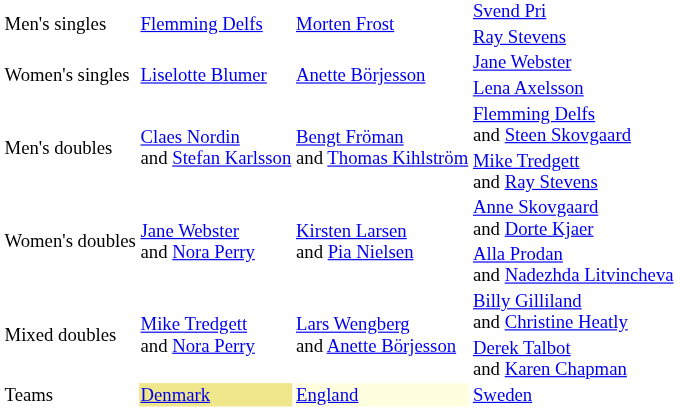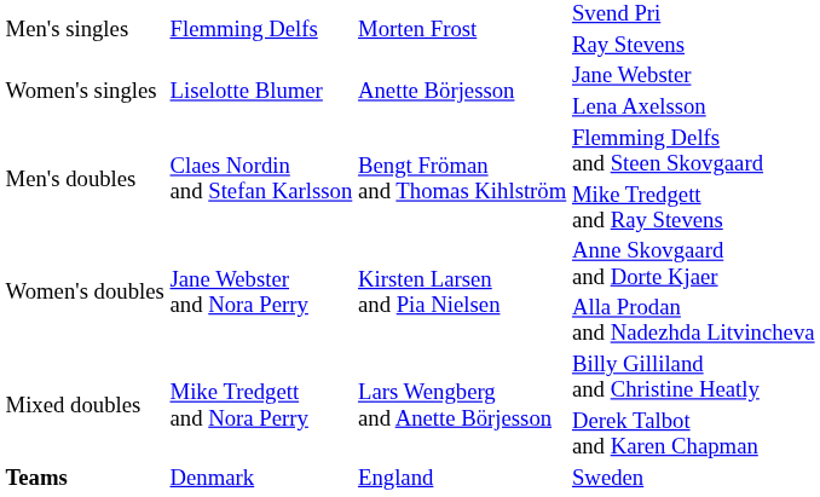 <table>
 <tr>
 <td rowspan=2>Men's singles</td>
 <td rowspan=2> <a href='#'>Flemming Delfs</a></td>
 <td rowspan=2> <a href='#'>Morten Frost</a></td>
 <td> <a href='#'>Svend Pri</a></td>
 </tr>
 <tr>
 <td> <a href='#'>Ray Stevens</a></td>
 </tr>
 <tr>
 <td rowspan=2>Women's singles</td>
 <td rowspan=2> <a href='#'>Liselotte Blumer</a></td>
 <td rowspan=2> <a href='#'>Anette Börjesson</a></td>
 <td> <a href='#'>Jane Webster</a></td>
 </tr>
 <tr>
 <td> <a href='#'>Lena Axelsson</a></td>
 </tr>
 <tr>
 <td rowspan=2>Men's doubles</td>
 <td rowspan=2> <a href='#'>Claes Nordin</a><br>and <a href='#'>Stefan Karlsson</a></td>
 <td rowspan=2> <a href='#'>Bengt Fröman</a><br>and <a href='#'>Thomas Kihlström</a></td>
 <td> <a href='#'>Flemming Delfs</a><br>and <a href='#'>Steen Skovgaard</a></td>
 </tr>
 <tr>
 <td> <a href='#'>Mike Tredgett</a><br>and <a href='#'>Ray Stevens</a></td>
 </tr>
 <tr>
 <td rowspan=2>Women's doubles</td>
 <td rowspan=2> <a href='#'>Jane Webster</a><br>and <a href='#'>Nora Perry</a></td>
 <td rowspan=2> <a href='#'>Kirsten Larsen</a><br>and <a href='#'>Pia Nielsen</a></td>
 <td> <a href='#'>Anne Skovgaard</a><br>and <a href='#'>Dorte Kjaer</a></td>
 </tr>
 <tr>
 <td> <a href='#'>Alla Prodan</a><br>and <a href='#'>Nadezhda Litvincheva</a></td>
 </tr>
 <tr>
 <td rowspan=2>Mixed doubles</td>
 <td rowspan=2> <a href='#'>Mike Tredgett</a><br>and <a href='#'>Nora Perry</a></td>
 <td rowspan=2> <a href='#'>Lars Wengberg</a><br>and <a href='#'>Anette Börjesson</a></td>
 <td> <a href='#'>Billy Gilliland</a><br>and <a href='#'>Christine Heatly</a></td>
 </tr>
 <tr>
 <td> <a href='#'>Derek Talbot</a><br>and <a href='#'>Karen Chapman</a></td>
 </tr>
 <tr>
-<td>Teams</td>
-<td style="background: khaki;"> <a href='#'>Denmark</a></td>
-<td style="background: lightyellow;"> <a href='#'>England</a></td>
+<td><strong>Teams</strong></td>
+<td> <a href='#'>Denmark</a></td>
+<td> <a href='#'>England</a></td>
 <td> <a href='#'>Sweden</a></td>
 </tr>
 </table>
